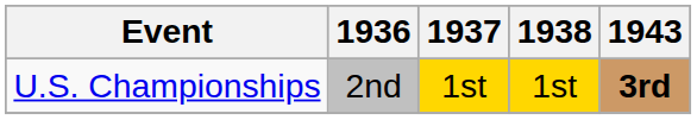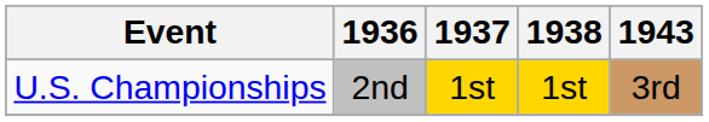 <table class="wikitable">
 <tr>
 <th>Event</th>
 <th>1936</th>
 <th>1937</th>
 <th>1938</th>
 <th>1943</th>
 </tr>
 <tr>
 <td><a href='#'>U.S. Championships</a></td>
 <td align="center" bgcolor="silver">2nd</td>
 <td align="center" bgcolor="gold">1st</td>
 <td align="center" bgcolor="gold">1st</td>
-<td align="center" bgcolor="cc9966"><strong>3rd</strong></td>
+<td align="center" bgcolor="cc9966">3rd</td>
 </tr>
 <tr>
 </tr>
 </table>
